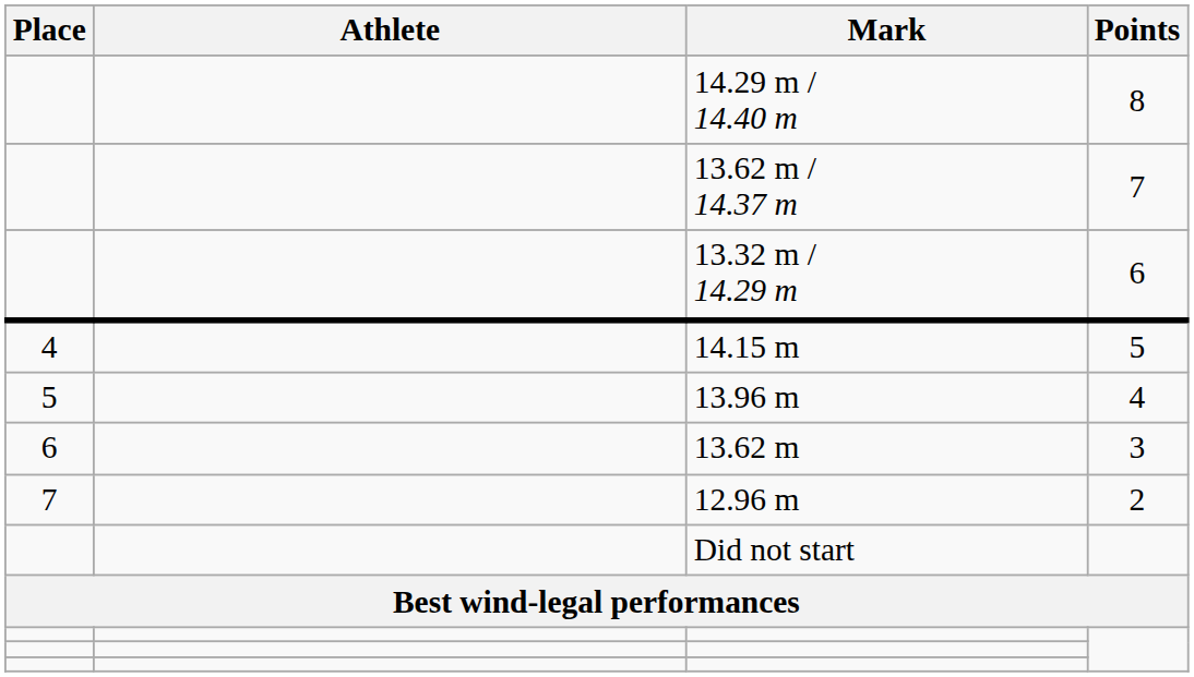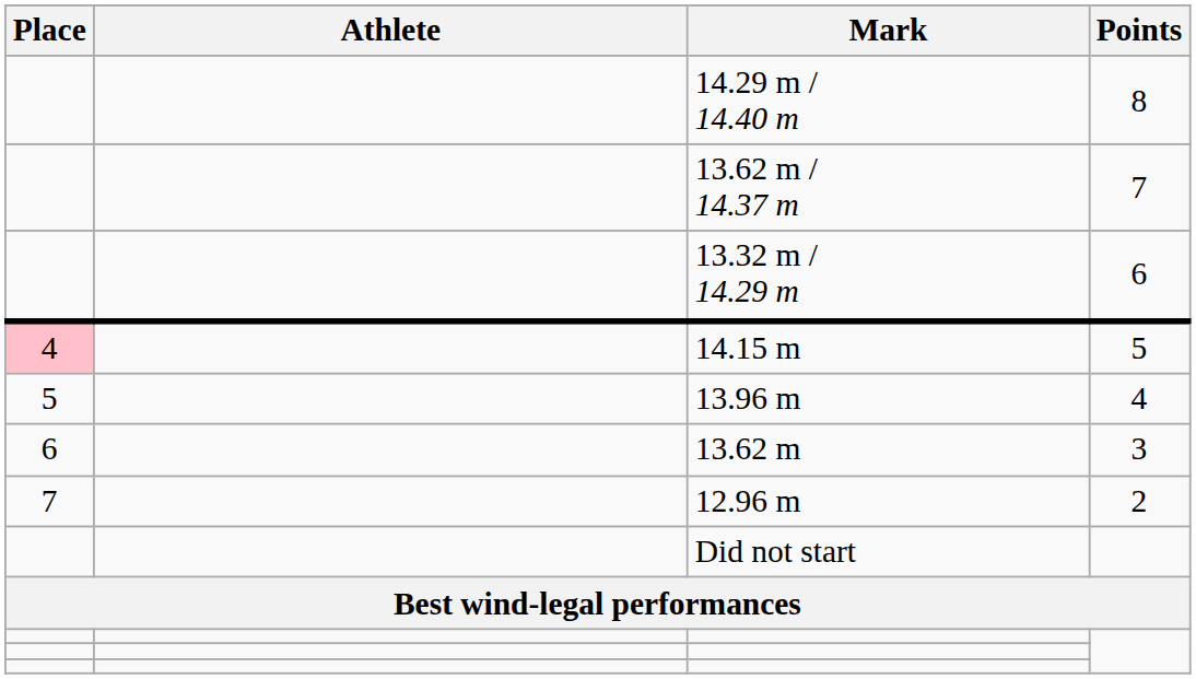 <table class=wikitable>
 <tr>
 <th>Place</th>
 <th style="width:18em">Athlete</th>
 <th style="width:12em">Mark</th>
 <th>Points</th>
 </tr>
 <tr>
 <td align=center></td>
 <td></td>
 <td>14.29 m  /<br><em>14.40 m </em></td>
 <td align=center>8</td>
 </tr>
 <tr>
 <td align=center></td>
 <td></td>
 <td>13.62 m  /<br><em>14.37 m </em></td>
 <td align=center>7</td>
 </tr>
 <tr>
 <td align=center></td>
 <td></td>
 <td>13.32 m  /<br><em>14.29 m </em></td>
 <td align=center>6</td>
 </tr>
 <tr style="border-top:3px solid black;">
-<td align=center>4</td>
+<td align=center style="background: pink;">4</td>
 <td></td>
 <td>14.15 m </td>
 <td align=center>5</td>
 </tr>
 <tr>
 <td align=center>5</td>
 <td></td>
 <td>13.96 m </td>
 <td align=center>4</td>
 </tr>
 <tr>
 <td align=center>6</td>
 <td></td>
 <td>13.62 m </td>
 <td align=center>3</td>
 </tr>
 <tr>
 <td align=center>7</td>
 <td></td>
 <td>12.96 m </td>
 <td align=center>2</td>
 </tr>
 <tr>
 <td align=center></td>
 <td></td>
 <td>Did not start</td>
 <td></td>
 </tr>
 <tr>
 <th align=center colspan=4>Best wind-legal performances</th>
 </tr>
 <tr>
 <td align=center></td>
 <td></td>
 <td> </td>
 </tr>
 <tr>
 <td align=center></td>
 <td></td>
 <td> </td>
 </tr>
 <tr>
 <td align=center></td>
 <td></td>
 <td> </td>
 </tr>
 </table>
